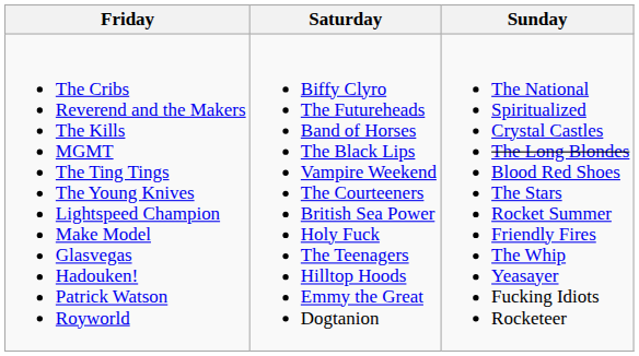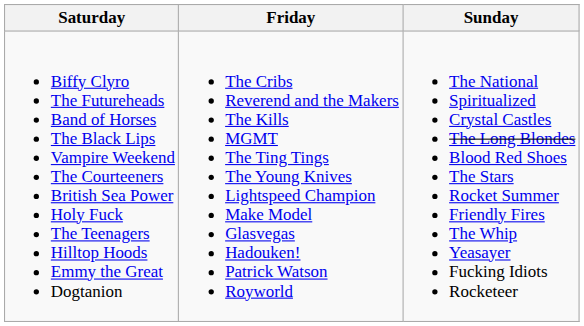 <table class="wikitable">
 <tr>
+<th>Saturday</th>
 <th>Friday</th>
-<th>Saturday</th>
 <th>Sunday</th>
 </tr>
 <tr valign="top">
+<td><br><ul><li><a href='#'>Biffy Clyro</a></li><li><a href='#'>The Futureheads</a></li><li><a href='#'>Band of Horses</a></li><li><a href='#'>The Black Lips</a></li><li><a href='#'>Vampire Weekend</a></li><li><a href='#'>The Courteeners</a></li><li><a href='#'>British Sea Power</a></li><li><a href='#'>Holy Fuck</a></li><li><a href='#'>The Teenagers</a></li><li><a href='#'>Hilltop Hoods</a></li><li><a href='#'>Emmy the Great</a></li><li>Dogtanion</li></ul></td>
 <td><br><ul><li><a href='#'>The Cribs</a></li><li><a href='#'>Reverend and the Makers</a></li><li><a href='#'>The Kills</a></li><li><a href='#'>MGMT</a></li><li><a href='#'>The Ting Tings</a></li><li><a href='#'>The Young Knives</a></li><li><a href='#'>Lightspeed Champion</a></li><li><a href='#'>Make Model</a></li><li><a href='#'>Glasvegas</a></li><li><a href='#'>Hadouken!</a></li><li><a href='#'>Patrick Watson</a></li><li><a href='#'>Royworld</a></li></ul></td>
-<td><br><ul><li><a href='#'>Biffy Clyro</a></li><li><a href='#'>The Futureheads</a></li><li><a href='#'>Band of Horses</a></li><li><a href='#'>The Black Lips</a></li><li><a href='#'>Vampire Weekend</a></li><li><a href='#'>The Courteeners</a></li><li><a href='#'>British Sea Power</a></li><li><a href='#'>Holy Fuck</a></li><li><a href='#'>The Teenagers</a></li><li><a href='#'>Hilltop Hoods</a></li><li><a href='#'>Emmy the Great</a></li><li>Dogtanion</li></ul></td>
 <td><br><ul><li><a href='#'>The National</a></li><li><a href='#'>Spiritualized</a></li><li><a href='#'>Crystal Castles</a></li><li><s><a href='#'>The Long Blondes</a></s></li><li><a href='#'>Blood Red Shoes</a></li><li><a href='#'>The Stars</a></li><li><a href='#'>Rocket Summer</a></li><li><a href='#'>Friendly Fires</a></li><li><a href='#'>The Whip</a></li><li><a href='#'>Yeasayer</a></li><li>Fucking Idiots</li><li>Rocketeer</li></ul></td>
 </tr>
 </table>
